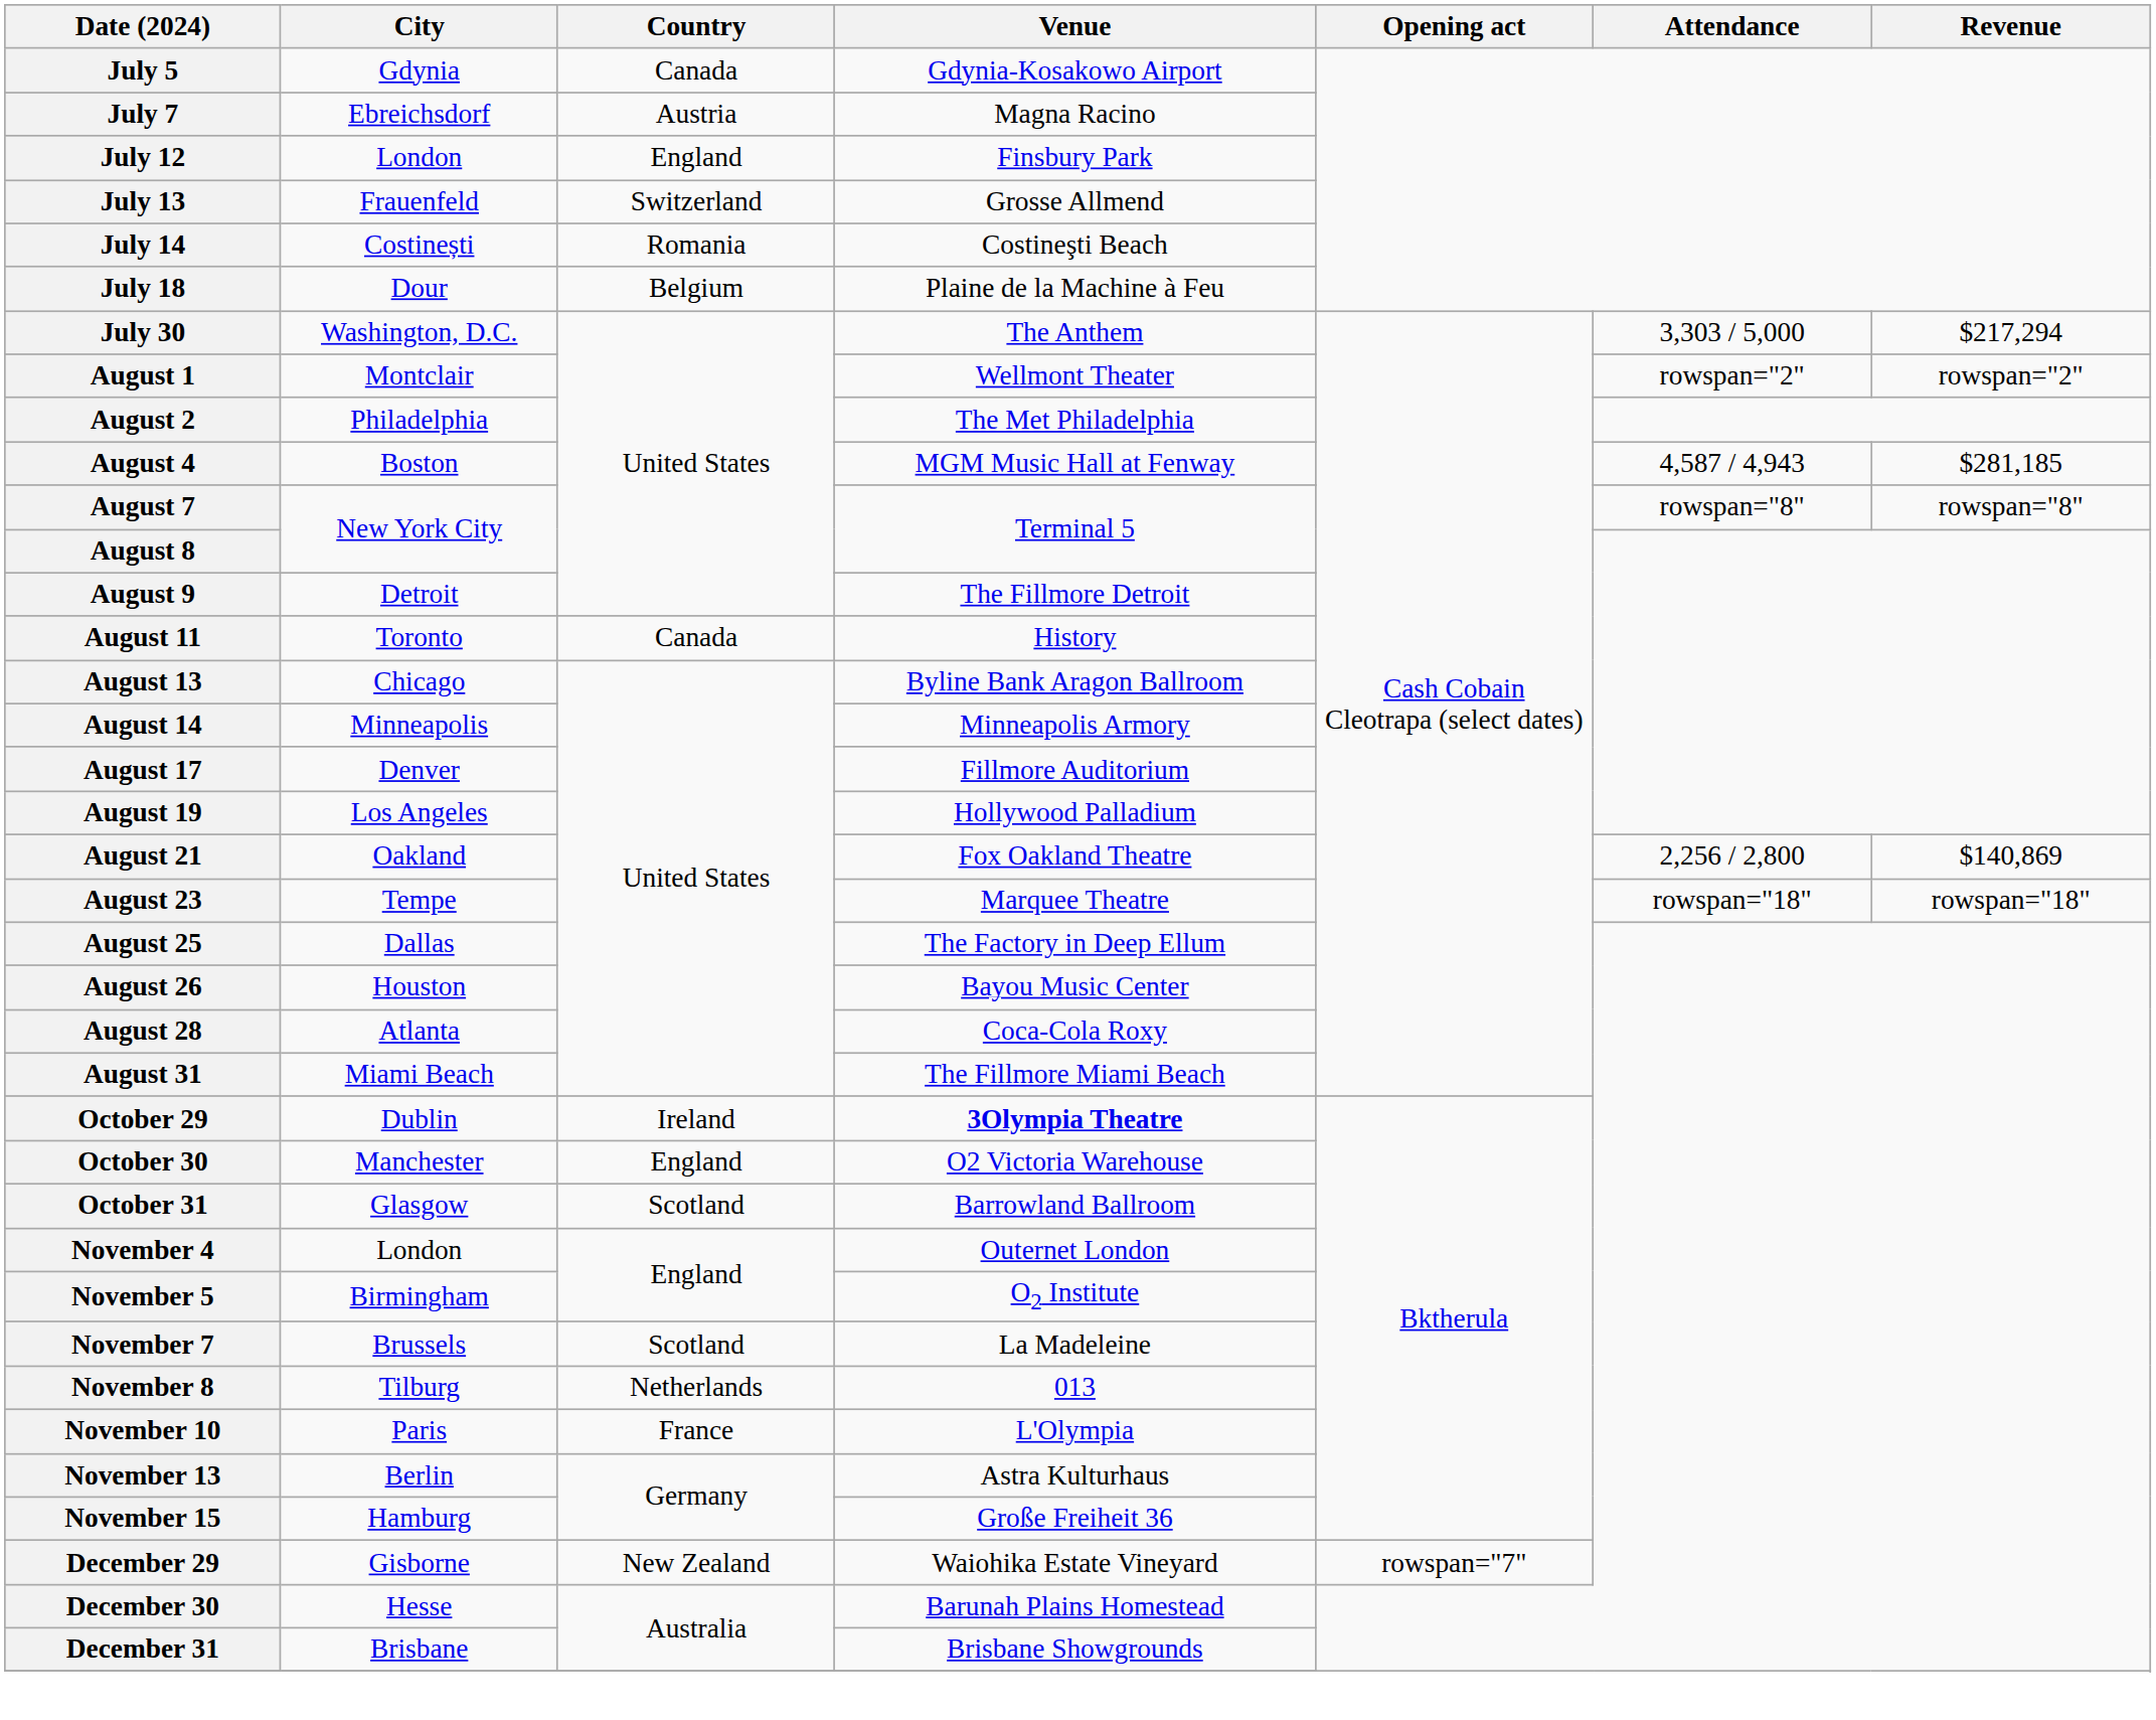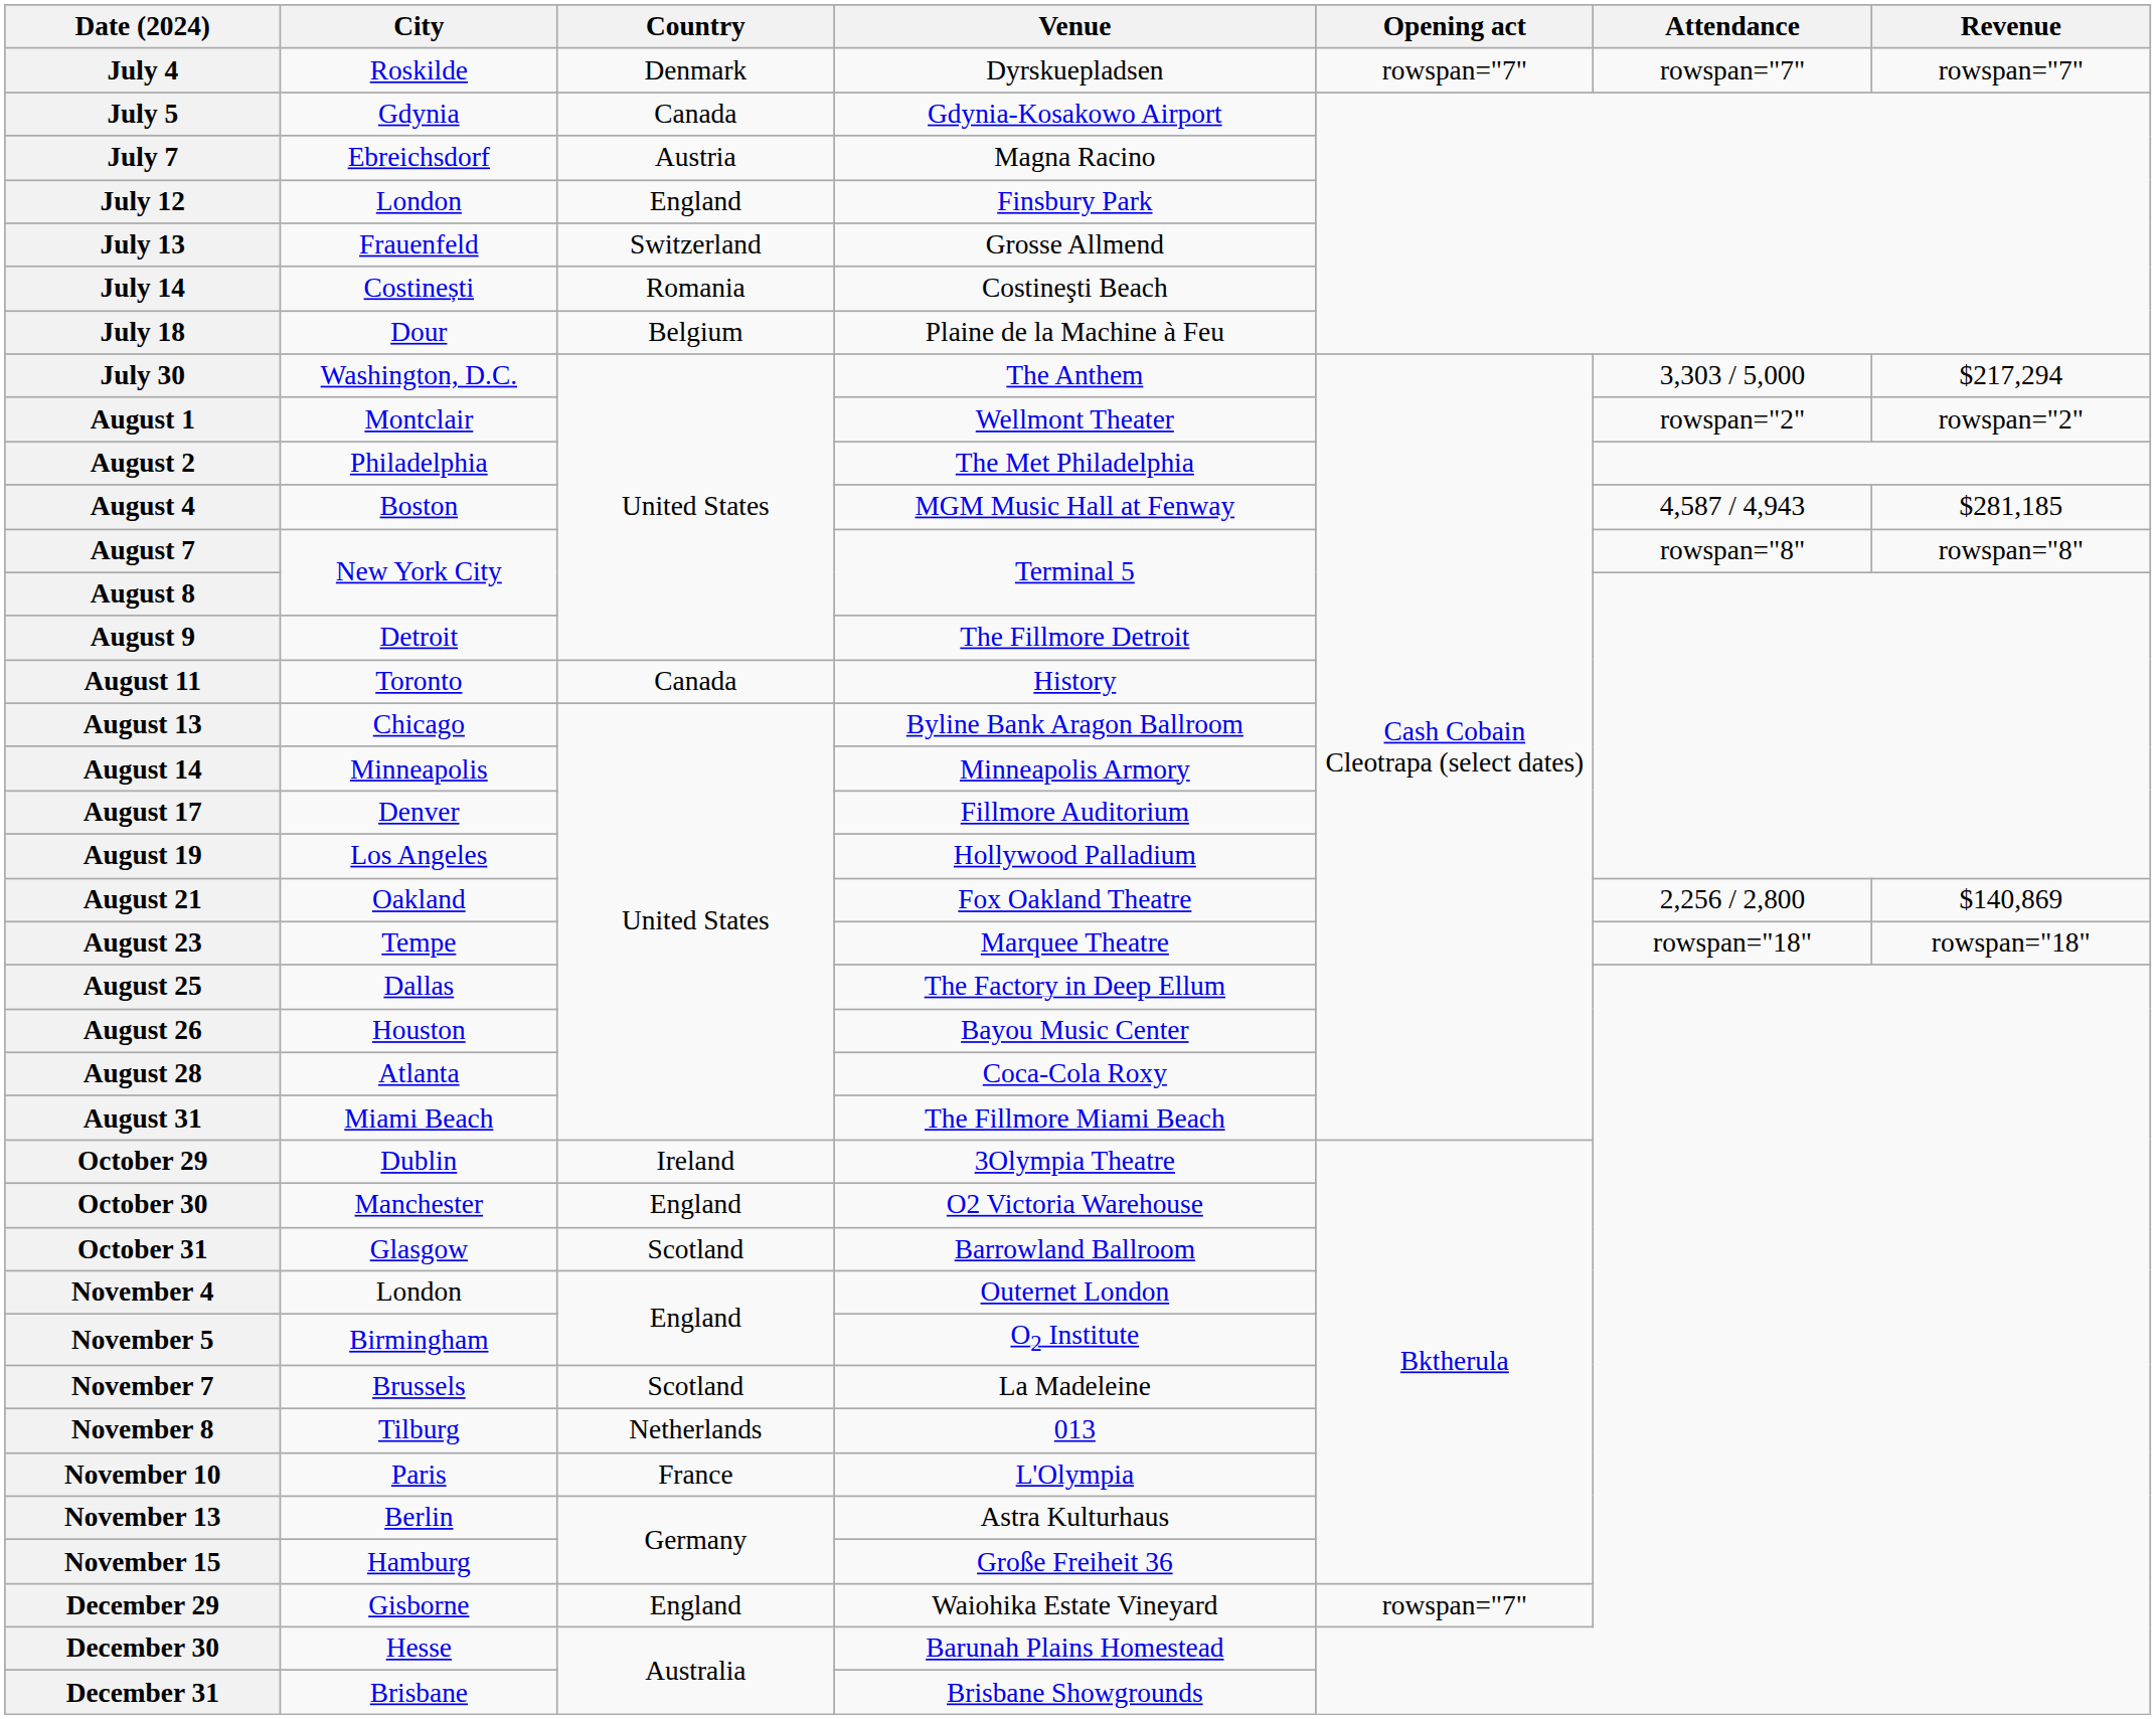 <table class="wikitable plainrowheaders" style="text-align:center;">
 <tr>
 <th scope="col" style="width:10em;">Date (2024)</th>
 <th scope="col" style="width:10em;">City</th>
 <th scope="col" style="width:10em;">Country</th>
 <th scope="col" style="width:18em;">Venue</th>
 <th scope="col" style="width:10em;">Opening act</th>
 <th scope="col" style="width:10em;">Attendance</th>
 <th scope="col" style="width:10em;">Revenue</th>
+</tr>
+<tr>
+<th scope="row" style="text-align:center;">July 4</th>
+<td><a href='#'>Roskilde</a></td>
+<td>Denmark</td>
+<td>Dyrskuepladsen</td>
+<td>rowspan="7" </td>
+<td>rowspan="7" </td>
+<td>rowspan="7" </td>
 </tr>
 <tr>
 <th scope="row" style="text-align:center;">July 5</th>
 <td><a href='#'>Gdynia</a></td>
 <td>Canada</td>
 <td><a href='#'>Gdynia-Kosakowo Airport</a></td>
 </tr>
 <tr>
 <th scope="row" style="text-align:center;">July 7</th>
 <td><a href='#'>Ebreichsdorf</a></td>
 <td>Austria</td>
 <td>Magna Racino</td>
 </tr>
 <tr>
 <th scope="row" style="text-align:center;">July 12</th>
 <td><a href='#'>London</a></td>
 <td>England</td>
 <td><a href='#'>Finsbury Park</a></td>
 </tr>
 <tr>
 <th scope="row" style="text-align:center;">July 13</th>
 <td><a href='#'>Frauenfeld</a></td>
 <td>Switzerland</td>
 <td>Grosse Allmend</td>
 </tr>
 <tr>
 <th scope="row" style="text-align:center;">July 14</th>
 <td><a href='#'>Costinești</a></td>
 <td>Romania</td>
 <td>Costineşti Beach</td>
 </tr>
 <tr>
 <th scope="row" style="text-align:center;">July 18</th>
 <td><a href='#'>Dour</a></td>
 <td>Belgium</td>
 <td>Plaine de la Machine à Feu</td>
 </tr>
 <tr>
 <th scope="row" style="text-align:center;">July 30</th>
 <td><a href='#'>Washington, D.C.</a></td>
 <td rowspan="7">United States</td>
 <td><a href='#'>The Anthem</a></td>
 <td rowspan="18"><a href='#'>Cash Cobain</a> <br> Cleotrapa (select dates)</td>
 <td>3,303 / 5,000</td>
 <td>$217,294</td>
 </tr>
 <tr>
 <th scope="row" style="text-align:center;">August 1</th>
 <td><a href='#'>Montclair</a></td>
 <td><a href='#'>Wellmont Theater</a></td>
 <td>rowspan="2" </td>
 <td>rowspan="2" </td>
 </tr>
 <tr>
 <th scope="row" style="text-align:center;">August 2</th>
 <td><a href='#'>Philadelphia</a></td>
 <td><a href='#'>The Met Philadelphia</a></td>
 </tr>
 <tr>
 <th scope="row" style="text-align:center;">August 4</th>
 <td><a href='#'>Boston</a></td>
 <td><a href='#'>MGM Music Hall at Fenway</a></td>
 <td>4,587 / 4,943</td>
 <td>$281,185</td>
 </tr>
 <tr>
 <th scope="row" style="text-align:center;">August 7</th>
 <td rowspan="2"><a href='#'>New York City</a></td>
 <td rowspan="2"><a href='#'>Terminal 5</a></td>
 <td>rowspan="8" </td>
 <td>rowspan="8" </td>
 </tr>
 <tr>
 <th scope="row" style="text-align:center;">August 8</th>
 </tr>
 <tr>
 <th scope="row" style="text-align:center;">August 9</th>
 <td><a href='#'>Detroit</a></td>
 <td><a href='#'>The Fillmore Detroit</a></td>
 </tr>
 <tr>
 <th scope="row" style="text-align:center;">August 11</th>
 <td><a href='#'>Toronto</a></td>
 <td>Canada</td>
 <td><a href='#'>History</a></td>
 </tr>
 <tr>
 <th scope="row" style="text-align:center;">August 13</th>
 <td><a href='#'>Chicago</a></td>
 <td rowspan="10">United States</td>
 <td><a href='#'>Byline Bank Aragon Ballroom</a></td>
 </tr>
 <tr>
 <th scope="row" style="text-align:center;">August 14</th>
 <td><a href='#'>Minneapolis</a></td>
 <td><a href='#'>Minneapolis Armory</a></td>
 </tr>
 <tr>
 <th scope="row" style="text-align:center;">August 17</th>
 <td><a href='#'>Denver</a></td>
 <td><a href='#'>Fillmore Auditorium</a></td>
 </tr>
 <tr>
 <th scope="row" style="text-align:center;">August 19</th>
 <td><a href='#'>Los Angeles</a></td>
 <td><a href='#'>Hollywood Palladium</a></td>
 </tr>
 <tr>
 <th scope="row" style="text-align:center;">August 21</th>
 <td><a href='#'>Oakland</a></td>
 <td><a href='#'>Fox Oakland Theatre</a></td>
 <td>2,256 / 2,800</td>
 <td>$140,869</td>
 </tr>
 <tr>
 <th scope="row" style="text-align:center;">August 23</th>
 <td><a href='#'>Tempe</a></td>
 <td><a href='#'>Marquee Theatre</a></td>
 <td>rowspan="18" </td>
 <td>rowspan="18" </td>
 </tr>
 <tr>
 <th scope="row" style="text-align:center;">August 25</th>
 <td><a href='#'>Dallas</a></td>
 <td><a href='#'>The Factory in Deep Ellum</a></td>
 </tr>
 <tr>
 <th scope="row" style="text-align:center;">August 26</th>
 <td><a href='#'>Houston</a></td>
 <td><a href='#'>Bayou Music Center</a></td>
 </tr>
 <tr>
 <th scope="row" style="text-align:center;">August 28</th>
 <td><a href='#'>Atlanta</a></td>
 <td><a href='#'>Coca-Cola Roxy</a></td>
 </tr>
 <tr>
 <th scope="row" style="text-align:center;">August 31</th>
 <td><a href='#'>Miami Beach</a></td>
 <td><a href='#'>The Fillmore Miami Beach</a></td>
 </tr>
 <tr>
 <th scope="row" style="text-align:center;">October 29</th>
 <td><a href='#'>Dublin</a></td>
 <td>Ireland</td>
-<td><strong><a href='#'>3Olympia Theatre</a></strong></td>
+<td><a href='#'>3Olympia Theatre</a></td>
 <td rowspan="10"><a href='#'>Bktherula</a></td>
 </tr>
 <tr>
 <th scope="row" style="text-align:center;">October 30</th>
 <td><a href='#'>Manchester</a></td>
 <td>England</td>
 <td><a href='#'>O2 Victoria Warehouse</a></td>
 </tr>
 <tr>
 <th scope="row" style="text-align:center;">October 31</th>
 <td><a href='#'>Glasgow</a></td>
 <td>Scotland</td>
 <td><a href='#'>Barrowland Ballroom</a></td>
 </tr>
 <tr>
 <th scope="row" style="text-align:center;">November 4</th>
 <td>London</td>
 <td rowspan="2">England</td>
 <td><a href='#'>Outernet London</a></td>
 </tr>
 <tr>
 <th scope="row" style="text-align:center;">November 5</th>
 <td><a href='#'>Birmingham</a></td>
 <td><a href='#'>O<sub>2</sub> Institute</a></td>
 </tr>
 <tr>
 <th scope="row" style="text-align:center;">November 7</th>
 <td><a href='#'>Brussels</a></td>
 <td>Scotland</td>
 <td>La Madeleine</td>
 </tr>
 <tr>
 <th scope="row" style="text-align:center;">November 8</th>
 <td><a href='#'>Tilburg</a></td>
 <td>Netherlands</td>
 <td><a href='#'>013</a></td>
 </tr>
 <tr>
 <th scope="row" style="text-align:center;">November 10</th>
 <td><a href='#'>Paris</a></td>
 <td>France</td>
 <td><a href='#'>L'Olympia</a></td>
 </tr>
 <tr>
 <th scope="row" style="text-align:center;">November 13</th>
 <td><a href='#'>Berlin</a></td>
 <td rowspan="2">Germany</td>
 <td>Astra Kulturhaus</td>
 </tr>
 <tr>
 <th scope="row" style="text-align:center;">November 15</th>
 <td><a href='#'>Hamburg</a></td>
 <td><a href='#'>Große Freiheit 36</a></td>
 </tr>
 <tr>
 <th scope="row" style="text-align:center;">December 29</th>
 <td><a href='#'>Gisborne</a></td>
-<td>New Zealand</td>
+<td>England</td>
 <td>Waiohika Estate Vineyard</td>
 <td>rowspan="7" </td>
 </tr>
 <tr>
 <th scope="row" style="text-align:center;">December 30</th>
 <td><a href='#'>Hesse</a></td>
 <td rowspan="2">Australia</td>
 <td><a href='#'>Barunah Plains Homestead</a></td>
 </tr>
 <tr>
 <th scope="row" style="text-align:center;">December 31</th>
 <td><a href='#'>Brisbane</a></td>
 <td><a href='#'>Brisbane Showgrounds</a></td>
 </tr>
 <tr>
 </tr>
 </table>
